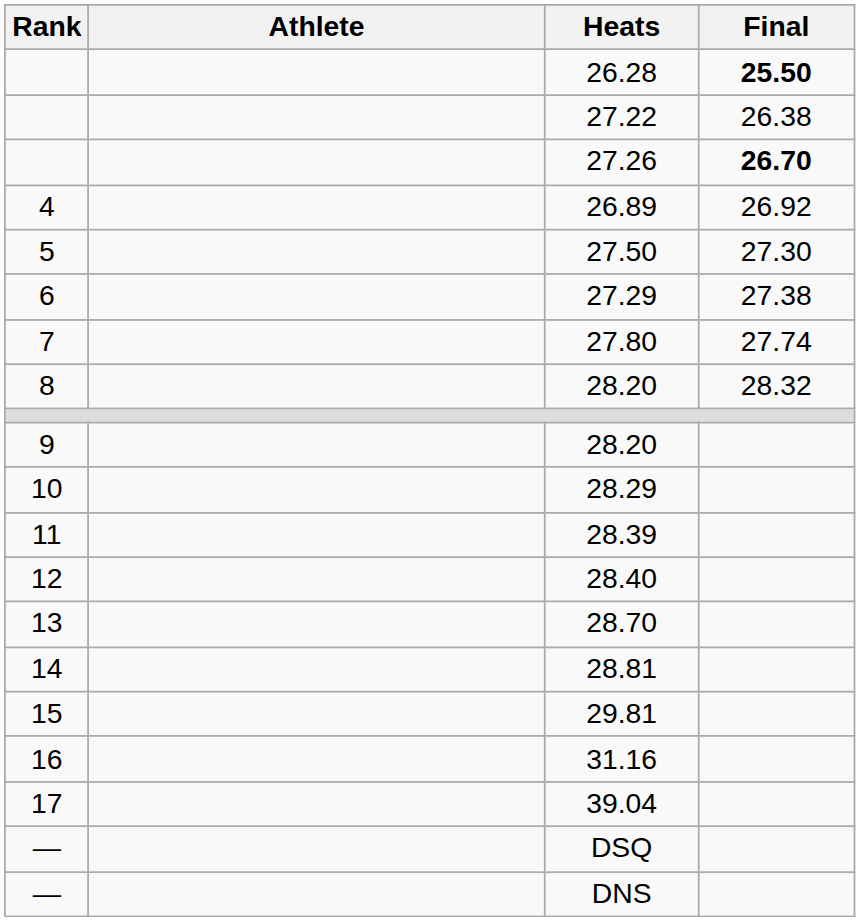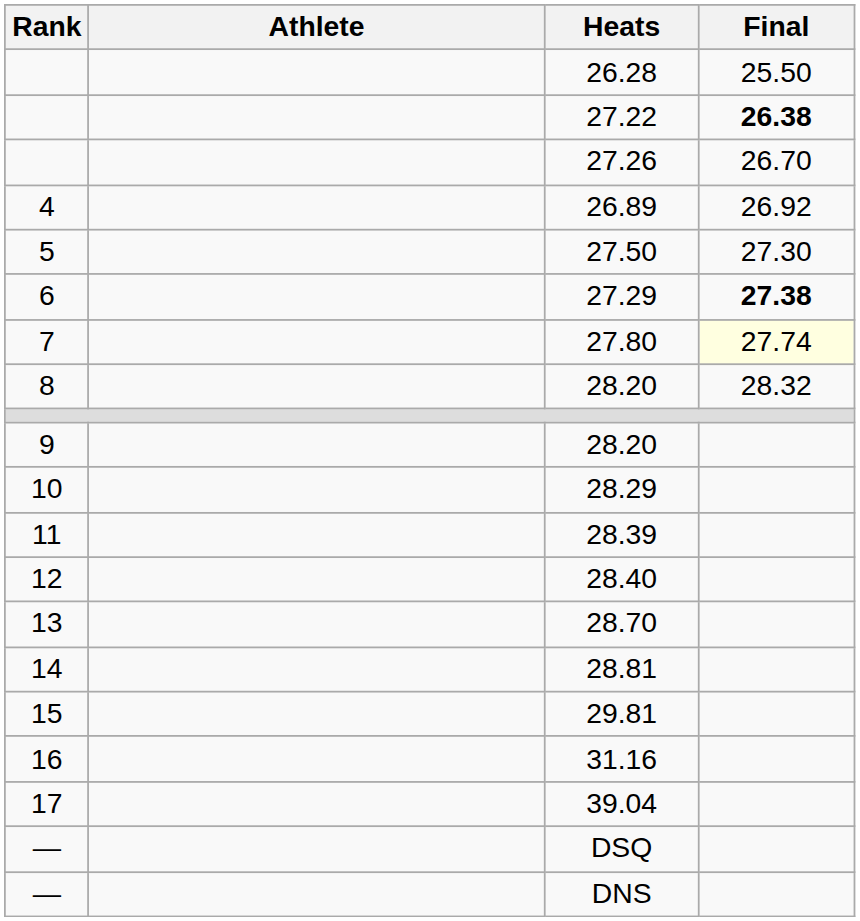 <table class=wikitable style="text-align:center">
 <tr>
 <th width=40>Rank</th>
 <th width=250>Athlete</th>
 <th width=80>Heats</th>
 <th width=80>Final</th>
 </tr>
 <tr>
 <td></td>
 <td align=left></td>
 <td>26.28</td>
-<td><strong>25.50</strong></td>
+<td>25.50</td>
 </tr>
 <tr>
 <td></td>
 <td align=left></td>
 <td>27.22</td>
-<td>26.38</td>
+<td><strong>26.38</strong></td>
 </tr>
 <tr>
 <td></td>
 <td align=left></td>
 <td>27.26</td>
-<td><strong>26.70</strong></td>
+<td>26.70</td>
 </tr>
 <tr>
 <td>4</td>
 <td align=left></td>
 <td>26.89</td>
 <td>26.92</td>
 </tr>
 <tr>
 <td>5</td>
 <td align=left></td>
 <td>27.50</td>
 <td>27.30</td>
 </tr>
 <tr>
 <td>6</td>
 <td align=left></td>
 <td>27.29</td>
-<td>27.38</td>
+<td><strong>27.38</strong></td>
 </tr>
 <tr>
 <td>7</td>
 <td align=left></td>
 <td>27.80</td>
-<td>27.74</td>
+<td style="background: lightyellow;">27.74</td>
 </tr>
 <tr>
 <td>8</td>
 <td align=left></td>
 <td>28.20</td>
 <td>28.32</td>
 </tr>
 <tr bgcolor=#DDDDDD>
 <td colspan=4></td>
 </tr>
 <tr>
 <td>9</td>
 <td align=left></td>
 <td>28.20</td>
 <td></td>
 </tr>
 <tr>
 <td>10</td>
 <td align=left></td>
 <td>28.29</td>
 <td></td>
 </tr>
 <tr>
 <td>11</td>
 <td align=left></td>
 <td>28.39</td>
 <td></td>
 </tr>
 <tr>
 <td>12</td>
 <td align=left></td>
 <td>28.40</td>
 <td></td>
 </tr>
 <tr>
 <td>13</td>
 <td align=left></td>
 <td>28.70</td>
 <td></td>
 </tr>
 <tr>
 <td>14</td>
 <td align=left></td>
 <td>28.81</td>
 <td></td>
 </tr>
 <tr>
 <td>15</td>
 <td align=left></td>
 <td>29.81</td>
 <td></td>
 </tr>
 <tr>
 <td>16</td>
 <td align=left></td>
 <td>31.16</td>
 <td></td>
 </tr>
 <tr>
 <td>17</td>
 <td align=left></td>
 <td>39.04</td>
 <td></td>
 </tr>
 <tr>
 <td>—</td>
 <td align=left></td>
 <td>DSQ</td>
 <td></td>
 </tr>
 <tr>
 <td>—</td>
 <td align=left></td>
 <td>DNS</td>
 <td></td>
 </tr>
 </table>
